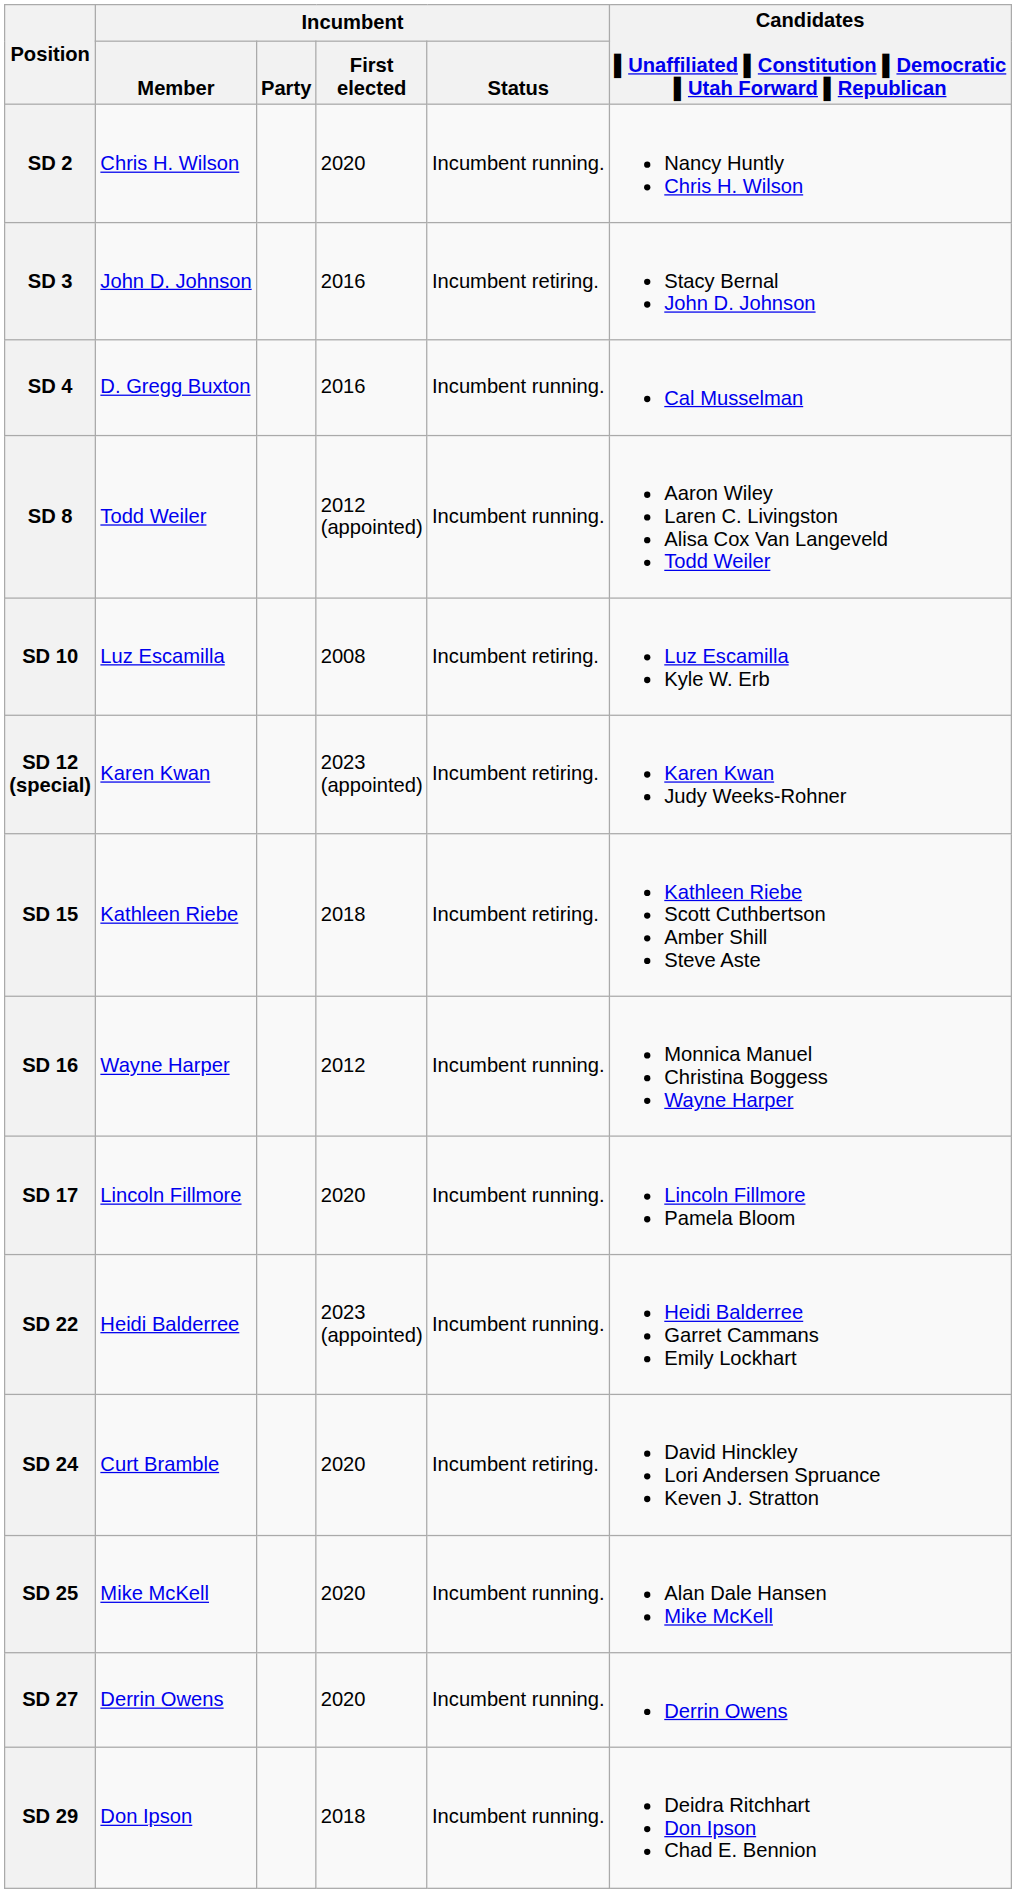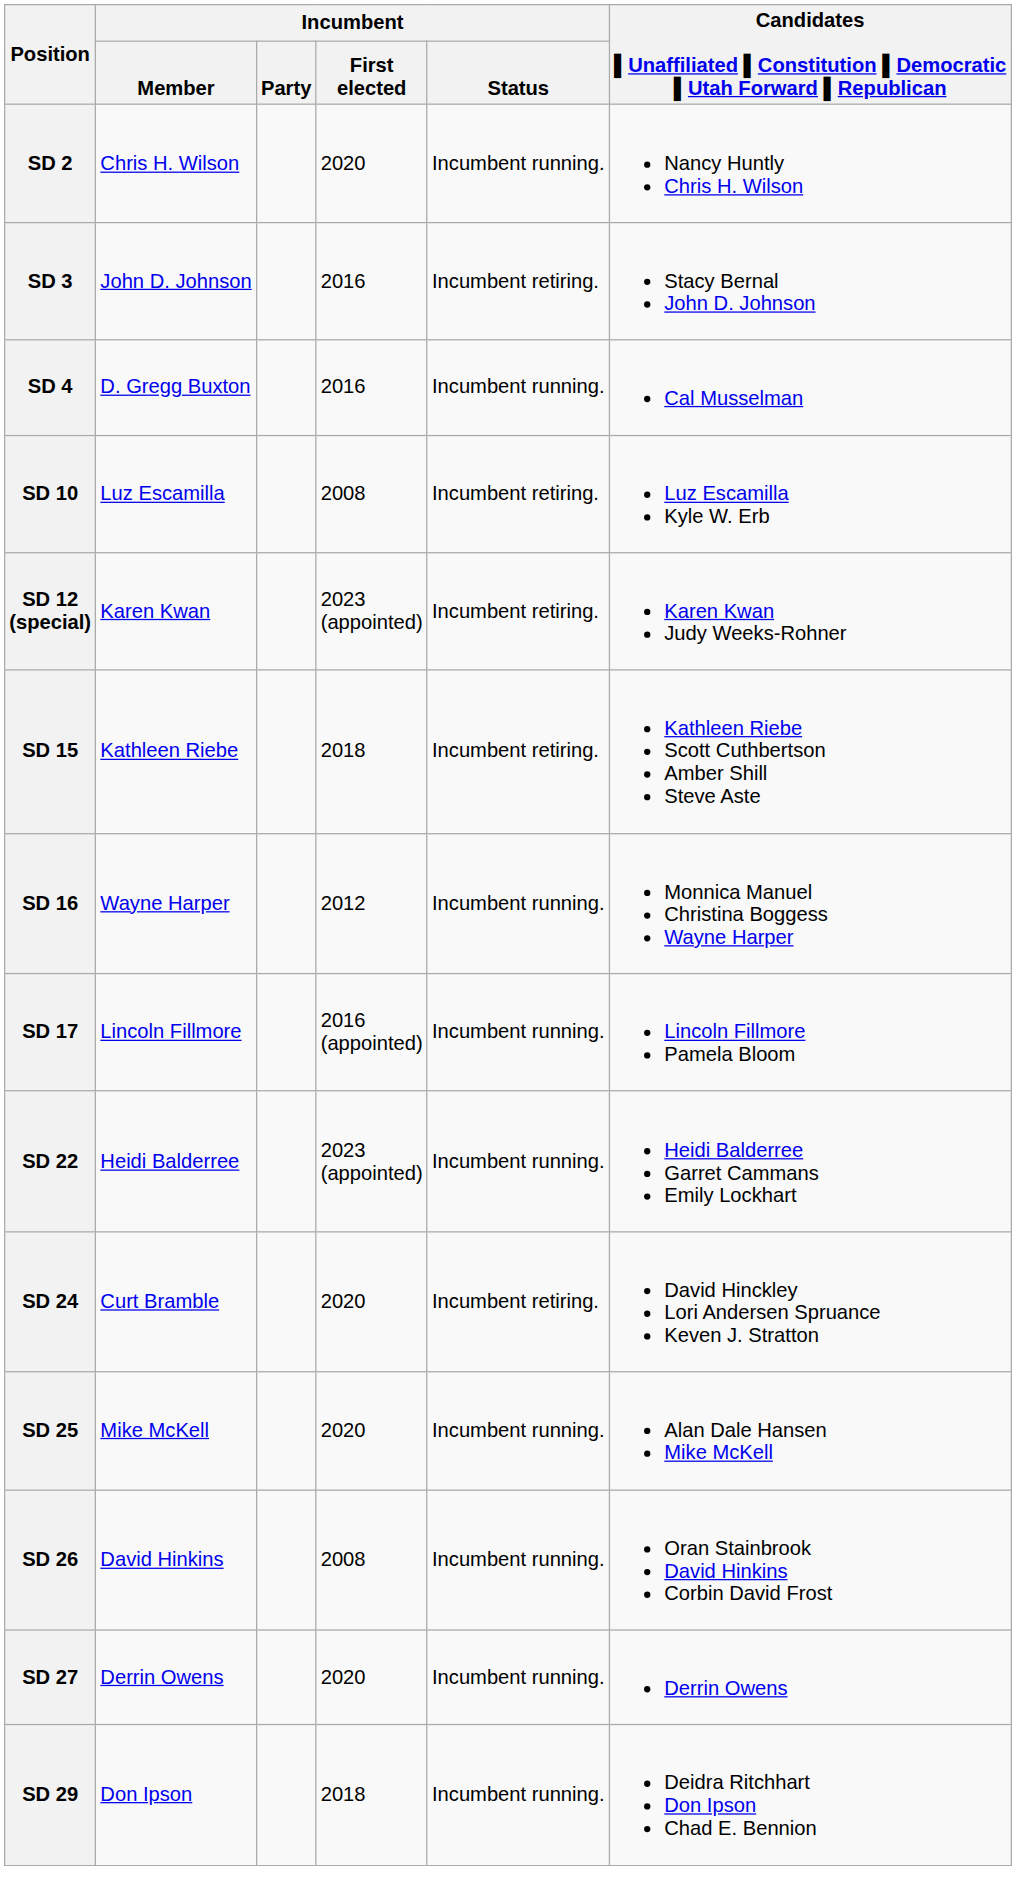 <table class="wikitable sortable">
 <tr>
 <th rowspan="2">Position</th>
 <th colspan="4">Incumbent</th>
 <th rowspan="2" class="unsortable">Candidates<br><br><span> <span>▌</span><a href='#'>Unaffiliated</a> <span>▌</span><a href='#'>Constitution</a> <span>▌</span><a href='#'>Democratic</a> <br> <span>▌</span><a href='#'>Utah Forward</a> <span>▌</span><a href='#'>Republican</a> </span></th>
 </tr>
 <tr valign="bottom">
 <th>Member</th>
 <th>Party</th>
 <th>First<br>elected</th>
 <th>Status</th>
 </tr>
 <tr>
 <th>SD 2</th>
 <td><a href='#'>Chris H. Wilson</a></td>
 <td></td>
 <td>2020</td>
 <td>Incumbent running.</td>
 <td nowrap=""><br><ul><li>Nancy Huntly</li><li><a href='#'>Chris H. Wilson</a></li></ul></td>
 </tr>
 <tr>
 <th>SD 3</th>
 <td><a href='#'>John D. Johnson</a></td>
 <td></td>
 <td>2016</td>
 <td>Incumbent retiring.</td>
 <td nowrap=""><br><ul><li>Stacy Bernal</li><li><a href='#'>John D. Johnson</a></li></ul></td>
 </tr>
 <tr>
 <th>SD 4</th>
 <td><a href='#'>D. Gregg Buxton</a></td>
 <td></td>
 <td>2016</td>
 <td>Incumbent running.</td>
 <td nowrap=""><br><ul><li><a href='#'>Cal Musselman</a></li></ul></td>
 </tr>
 <tr>
-<th>SD 8</th>
-<td><a href='#'>Todd Weiler</a></td>
-<td></td>
-<td>2012<br>(appointed)</td>
-<td>Incumbent running.</td>
-<td nowrap=""><br><ul><li>Aaron Wiley</li><li>Laren C. Livingston</li><li>Alisa Cox Van Langeveld</li><li><a href='#'>Todd Weiler</a></li></ul></td>
-</tr>
-<tr>
 <th>SD 10</th>
 <td><a href='#'>Luz Escamilla</a></td>
 <td></td>
 <td>2008</td>
 <td>Incumbent retiring.</td>
 <td nowrap=""><br><ul><li><a href='#'>Luz Escamilla</a></li><li>Kyle W. Erb</li></ul></td>
 </tr>
 <tr>
 <th>SD 12<br>(special)</th>
 <td><a href='#'>Karen Kwan</a></td>
 <td></td>
 <td>2023<br>(appointed)</td>
 <td>Incumbent retiring.</td>
 <td nowrap=""><br><ul><li><a href='#'>Karen Kwan</a></li><li>Judy Weeks-Rohner</li></ul></td>
 </tr>
 <tr>
 <th>SD 15</th>
 <td><a href='#'>Kathleen Riebe</a></td>
 <td></td>
 <td>2018</td>
 <td>Incumbent retiring.</td>
 <td nowrap=""><br><ul><li><a href='#'>Kathleen Riebe</a></li><li>Scott Cuthbertson</li><li>Amber Shill</li><li>Steve Aste</li></ul></td>
 </tr>
 <tr>
 <th>SD 16</th>
 <td><a href='#'>Wayne Harper</a></td>
 <td></td>
 <td>2012</td>
 <td>Incumbent running.</td>
 <td nowrap=""><br><ul><li>Monnica Manuel</li><li>Christina Boggess</li><li><a href='#'>Wayne Harper</a></li></ul></td>
 </tr>
 <tr>
 <th>SD 17</th>
 <td><a href='#'>Lincoln Fillmore</a></td>
 <td></td>
-<td>2020</td>
+<td>2016<br>(appointed)</td>
 <td>Incumbent running.</td>
 <td nowrap=""><br><ul><li><a href='#'>Lincoln Fillmore</a></li><li>Pamela Bloom</li></ul></td>
 </tr>
 <tr>
 <th>SD 22</th>
 <td><a href='#'>Heidi Balderree</a></td>
 <td></td>
 <td>2023<br>(appointed)</td>
 <td>Incumbent running.</td>
 <td nowrap=""><br><ul><li><a href='#'>Heidi Balderree</a></li><li>Garret Cammans</li><li>Emily Lockhart</li></ul></td>
 </tr>
 <tr>
 <th>SD 24</th>
 <td><a href='#'>Curt Bramble</a></td>
 <td></td>
 <td>2020</td>
 <td>Incumbent retiring.</td>
 <td nowrap=""><br><ul><li>David Hinckley</li><li>Lori Andersen Spruance</li><li>Keven J. Stratton</li></ul></td>
 </tr>
 <tr>
 <th>SD 25</th>
 <td><a href='#'>Mike McKell</a></td>
 <td></td>
 <td>2020</td>
 <td>Incumbent running.</td>
 <td nowrap=""><br><ul><li>Alan Dale Hansen</li><li><a href='#'>Mike McKell</a></li></ul></td>
 </tr>
 <tr>
+<th>SD 26</th>
+<td><a href='#'>David Hinkins</a></td>
+<td></td>
+<td>2008</td>
+<td>Incumbent running.</td>
+<td nowrap=""><br><ul><li>Oran Stainbrook</li><li><a href='#'>David Hinkins</a></li><li>Corbin David Frost</li></ul></td>
+</tr>
+<tr>
 <th>SD 27</th>
 <td><a href='#'>Derrin Owens</a></td>
 <td></td>
 <td>2020</td>
 <td>Incumbent running.</td>
 <td nowrap=""><br><ul><li><a href='#'>Derrin Owens</a></li></ul></td>
 </tr>
 <tr>
 <th>SD 29</th>
 <td><a href='#'>Don Ipson</a></td>
 <td></td>
 <td>2018</td>
 <td>Incumbent running.</td>
 <td nowrap=""><br><ul><li>Deidra Ritchhart</li><li><a href='#'>Don Ipson</a></li><li>Chad E. Bennion</li></ul></td>
 </tr>
 </table>
